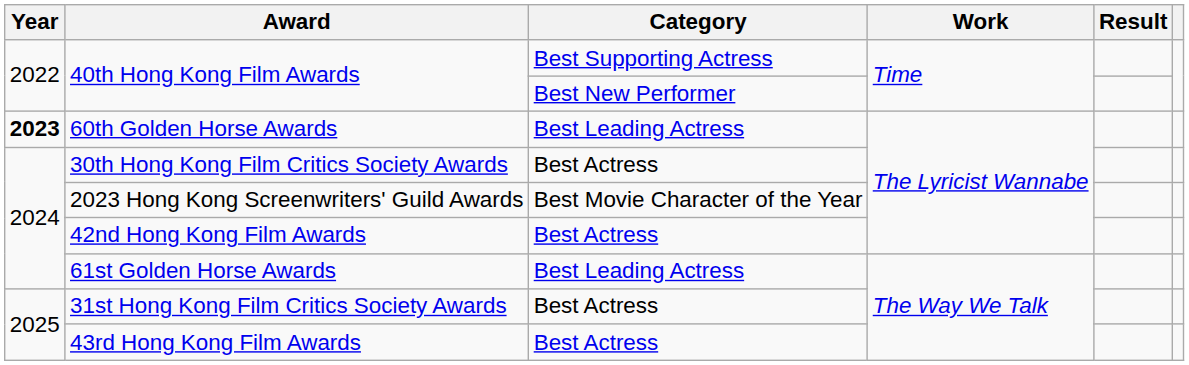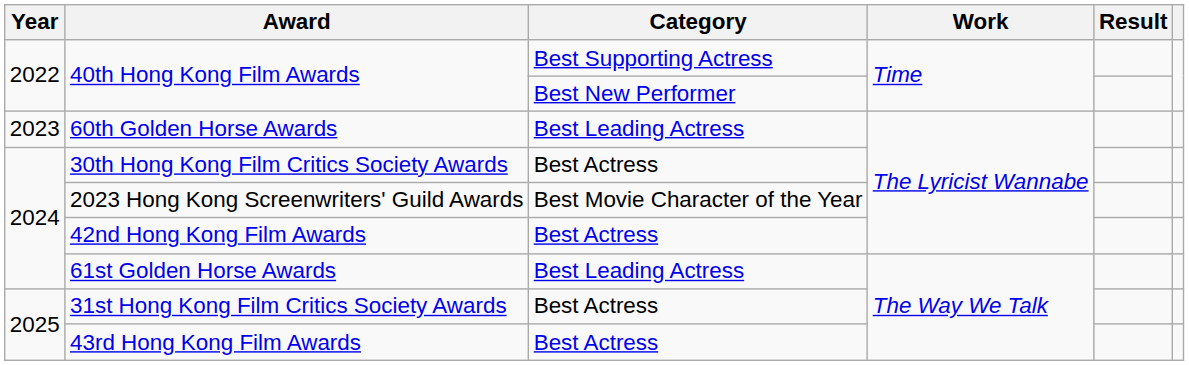 <table class="wikitable sortable plainrowheaders">
 <tr>
 <th>Year</th>
 <th>Award</th>
 <th>Category</th>
 <th>Work</th>
 <th>Result</th>
 <th class="unsortable"></th>
 </tr>
 <tr>
 <td rowspan="2">2022</td>
 <td rowspan="2"><a href='#'>40th Hong Kong Film Awards</a></td>
 <td><a href='#'>Best Supporting Actress</a></td>
 <td rowspan="2"><em><a href='#'>Time</a></em></td>
 <td></td>
 <td rowspan="2"></td>
 </tr>
 <tr>
 <td><a href='#'>Best New Performer</a></td>
 <td></td>
 </tr>
 <tr>
-<td><strong>2023</strong></td>
+<td>2023</td>
 <td><a href='#'>60th Golden Horse Awards</a></td>
 <td><a href='#'>Best Leading Actress</a></td>
 <td rowspan="4"><em><a href='#'>The Lyricist Wannabe</a></em></td>
 <td></td>
 <td></td>
 </tr>
 <tr>
 <td rowspan="4">2024</td>
 <td><a href='#'>30th Hong Kong Film Critics Society Awards</a></td>
 <td>Best Actress</td>
 <td></td>
 <td></td>
 </tr>
 <tr>
 <td>2023 Hong Kong Screenwriters' Guild Awards</td>
 <td>Best Movie Character of the Year</td>
 <td></td>
 <td></td>
 </tr>
 <tr>
 <td><a href='#'>42nd Hong Kong Film Awards</a></td>
 <td><a href='#'>Best Actress</a></td>
 <td></td>
 <td></td>
 </tr>
 <tr>
 <td><a href='#'>61st Golden Horse Awards</a></td>
 <td><a href='#'>Best Leading Actress</a></td>
 <td rowspan="3"><em><a href='#'>The Way We Talk</a></em></td>
 <td></td>
 <td></td>
 </tr>
 <tr>
 <td rowspan="2">2025</td>
 <td><a href='#'>31st Hong Kong Film Critics Society Awards</a></td>
 <td>Best Actress</td>
 <td></td>
 <td></td>
 </tr>
 <tr>
 <td><a href='#'>43rd Hong Kong Film Awards</a></td>
 <td><a href='#'>Best Actress</a></td>
 <td></td>
 <td></td>
 </tr>
 </table>
